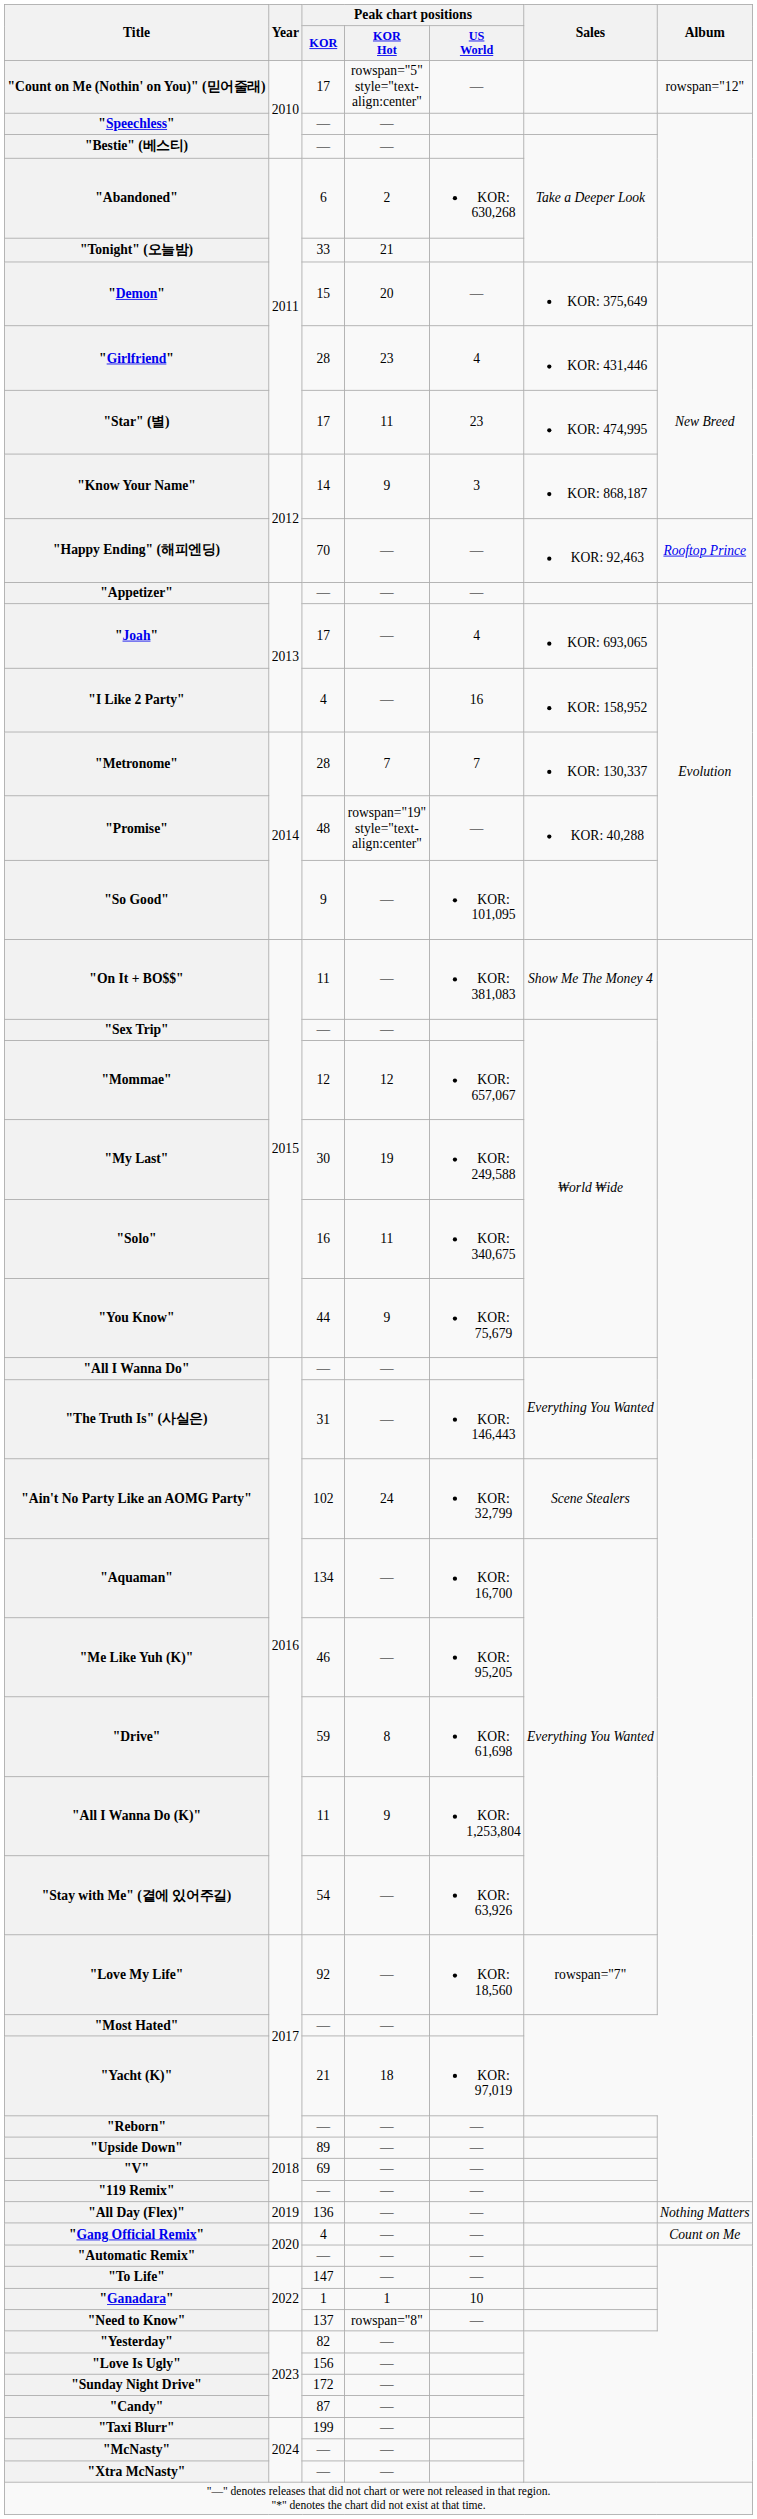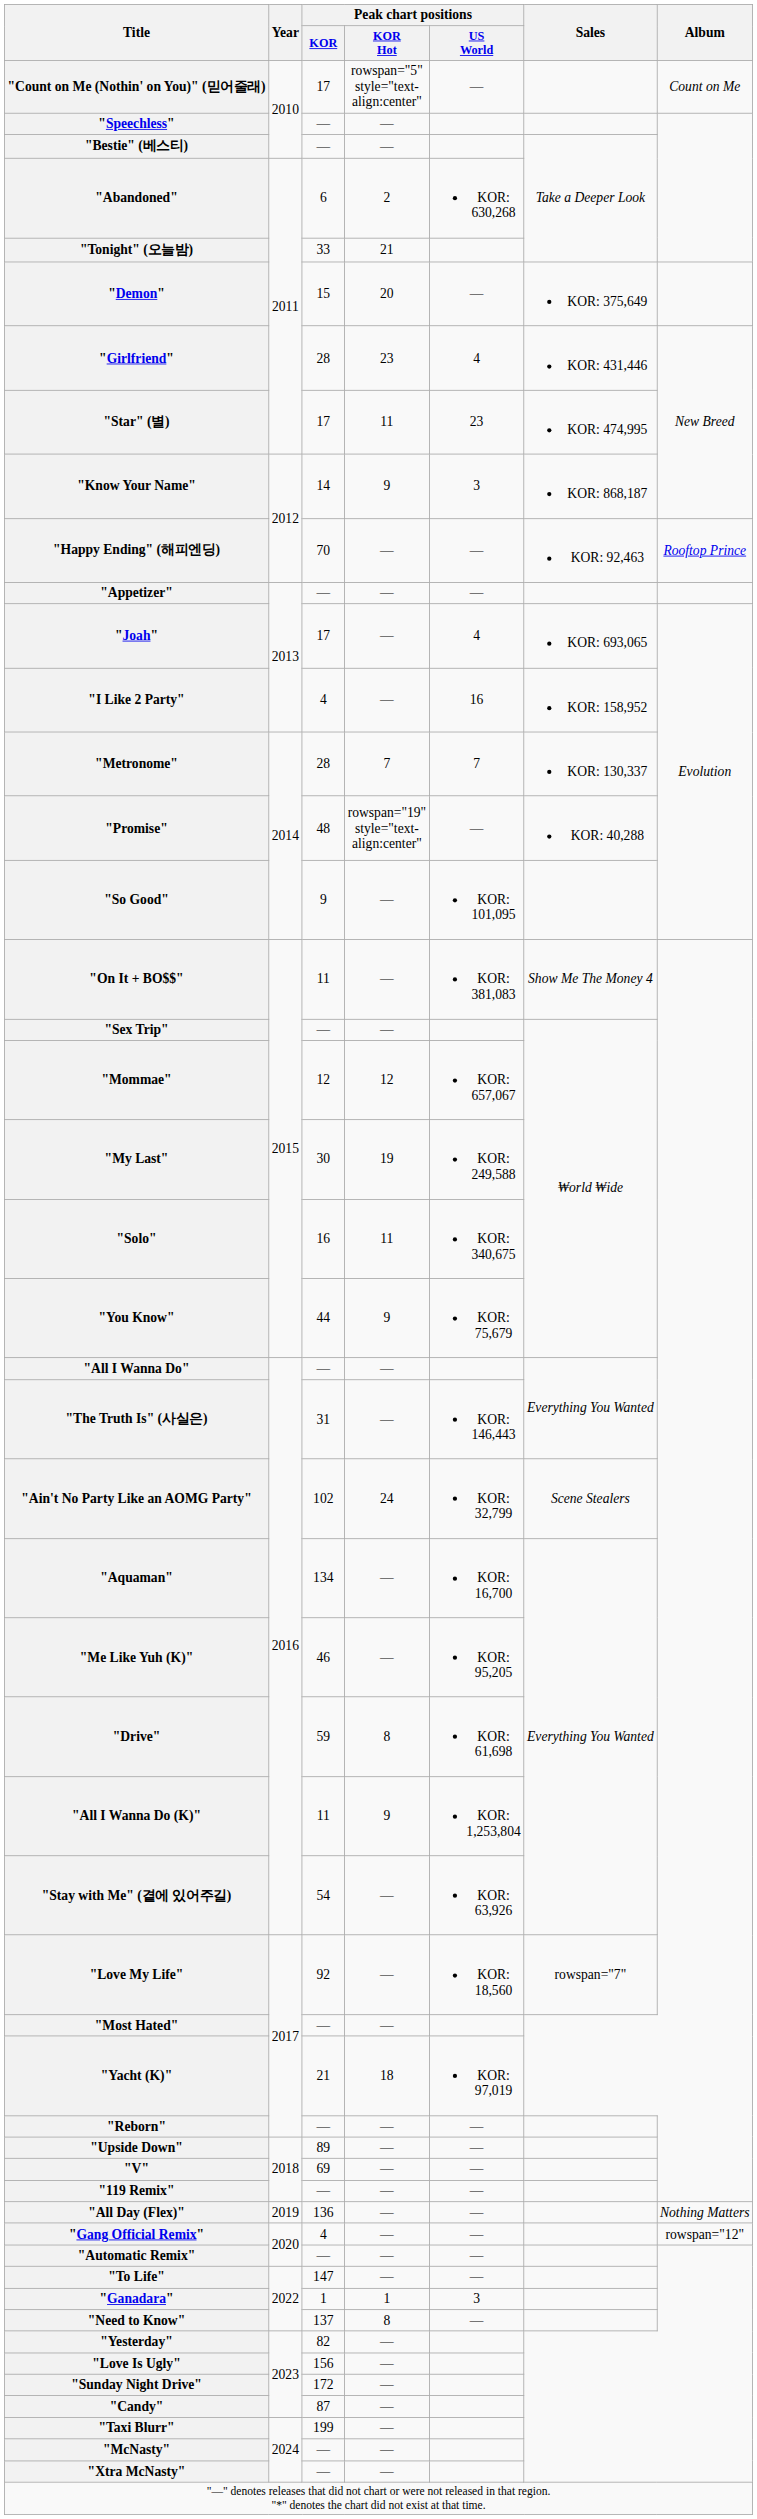 <table class="wikitable plainrowheaders" style="text-align:center">
 <tr>
 <th rowspan="2">Title</th>
 <th rowspan="2">Year</th>
 <th colspan="3">Peak chart positions</th>
 <th rowspan="2">Sales</th>
 <th rowspan="2">Album</th>
 </tr>
 <tr>
 <th scope="col" style="width:3em;font-size:90%"><a href='#'>KOR</a><br></th>
 <th scope="col" style="width:3em;font-size:90%"><a href='#'>KOR<br>Hot</a><br></th>
 <th scope="col" style="width:3em;font-size:90%"><a href='#'>US<br>World</a><br></th>
 </tr>
 <tr>
 <th scope="row">"Count on Me (Nothin' on You)" (믿어줄래) <br></th>
 <td rowspan="3">2010</td>
 <td>17</td>
 <td>rowspan="5" style="text-align:center" </td>
 <td>—</td>
 <td></td>
-<td>rowspan="12" </td>
+<td><em>Count on Me</em></td>
 </tr>
 <tr>
 <th scope="row">"<a href='#'>Speechless</a>" <br></th>
 <td>—</td>
 <td>—</td>
 <td></td>
 <td></td>
 </tr>
 <tr>
 <th scope="row">"Bestie" (베스티)</th>
 <td>—</td>
 <td>—</td>
 <td></td>
 <td rowspan="3"><em>Take a Deeper Look</em></td>
 </tr>
 <tr>
 <th scope="row">"Abandoned"<br></th>
 <td rowspan="5">2011</td>
 <td>6</td>
 <td>2</td>
 <td><br><ul><li>KOR: 630,268</li></ul></td>
 </tr>
 <tr>
 <th scope="row">"Tonight" (오늘밤) <br></th>
 <td>33</td>
 <td>21</td>
 <td></td>
 </tr>
 <tr>
 <th scope="row">"<a href='#'>Demon</a>"</th>
 <td>15</td>
 <td>20</td>
 <td>—</td>
 <td><br><ul><li>KOR: 375,649</li></ul></td>
 <td></td>
 </tr>
 <tr>
 <th scope="row">"<a href='#'>Girlfriend</a>"</th>
 <td>28</td>
 <td>23</td>
 <td>4</td>
 <td><br><ul><li>KOR: 431,446</li></ul></td>
 <td rowspan="3"><em>New Breed</em></td>
 </tr>
 <tr>
 <th scope="row">"Star" (별)</th>
 <td>17</td>
 <td>11</td>
 <td>23</td>
 <td><br><ul><li>KOR: 474,995</li></ul></td>
 </tr>
 <tr>
 <th scope="row">"Know Your Name"<br></th>
 <td rowspan="2">2012</td>
 <td>14</td>
 <td>9</td>
 <td>3</td>
 <td><br><ul><li>KOR: 868,187</li></ul></td>
 </tr>
 <tr>
 <th scope="row">"Happy Ending" (해피엔딩)</th>
 <td>70</td>
 <td>—</td>
 <td>—</td>
 <td><br><ul><li>KOR: 92,463</li></ul></td>
 <td><em><a href='#'>Rooftop Prince</a></em></td>
 </tr>
 <tr>
 <th scope="row">"Appetizer"</th>
 <td rowspan="3">2013</td>
 <td>—</td>
 <td>—</td>
 <td>—</td>
 <td></td>
 <td></td>
 </tr>
 <tr>
 <th scope="row">"<a href='#'>Joah</a>"</th>
 <td>17</td>
 <td>—</td>
 <td>4</td>
 <td><br><ul><li>KOR: 693,065</li></ul></td>
 <td rowspan="5"><em>Evolution</em></td>
 </tr>
 <tr>
 <th scope="row">"I Like 2 Party"</th>
 <td>4</td>
 <td>—</td>
 <td>16</td>
 <td><br><ul><li>KOR: 158,952</li></ul></td>
 </tr>
 <tr>
 <th scope="row">"Metronome"<br></th>
 <td rowspan="3">2014</td>
 <td>28</td>
 <td>7</td>
 <td>7</td>
 <td><br><ul><li>KOR: 130,337</li></ul></td>
 </tr>
 <tr>
 <th scope="row">"Promise"</th>
 <td>48</td>
 <td>rowspan="19" style="text-align:center" </td>
 <td>—</td>
 <td><br><ul><li>KOR: 40,288</li></ul></td>
 </tr>
 <tr>
 <th scope="row">"So Good"<br></th>
 <td>9</td>
 <td>—</td>
 <td><br><ul><li>KOR: 101,095</li></ul></td>
 </tr>
 <tr>
 <th scope="row">"On It + BO$$"<br></th>
 <td rowspan="6">2015</td>
 <td>11</td>
 <td>—</td>
 <td><br><ul><li>KOR: 381,083</li></ul></td>
 <td><em>Show Me The Money 4</em></td>
 </tr>
 <tr>
 <th scope="row">"Sex Trip"</th>
 <td>—</td>
 <td>—</td>
 <td></td>
 <td rowspan="5"><em>₩orld ₩ide</em></td>
 </tr>
 <tr>
 <th scope="row">"Mommae"<br></th>
 <td>12</td>
 <td>12</td>
 <td><br><ul><li>KOR: 657,067</li></ul></td>
 </tr>
 <tr>
 <th scope="row">"My Last"<br></th>
 <td>30</td>
 <td>19</td>
 <td><br><ul><li>KOR: 249,588</li></ul></td>
 </tr>
 <tr>
 <th scope="row">"Solo"<br></th>
 <td>16</td>
 <td>11</td>
 <td><br><ul><li>KOR: 340,675</li></ul></td>
 </tr>
 <tr>
 <th scope="row">"You Know"<br></th>
 <td>44</td>
 <td>9</td>
 <td><br><ul><li>KOR: 75,679</li></ul></td>
 </tr>
 <tr>
 <th scope="row">"All I Wanna Do"</th>
 <td rowspan="8">2016</td>
 <td>—</td>
 <td>—</td>
 <td></td>
 <td rowspan="2"><em>Everything You Wanted</em></td>
 </tr>
 <tr>
 <th scope="row">"The Truth Is" (사실은)</th>
 <td>31</td>
 <td>—</td>
 <td><br><ul><li>KOR: 146,443</li></ul></td>
 </tr>
 <tr>
 <th scope="row">"Ain't No Party Like an AOMG Party"<br></th>
 <td>102</td>
 <td>24</td>
 <td><br><ul><li>KOR: 32,799</li></ul></td>
 <td><em>Scene Stealers</em></td>
 </tr>
 <tr>
 <th scope="row">"Aquaman"</th>
 <td>134</td>
 <td>—</td>
 <td><br><ul><li>KOR: 16,700</li></ul></td>
 <td rowspan="5"><em>Everything You Wanted</em></td>
 </tr>
 <tr>
 <th scope="row">"Me Like Yuh (K)"<br></th>
 <td>46</td>
 <td>—</td>
 <td><br><ul><li>KOR: 95,205</li></ul></td>
 </tr>
 <tr>
 <th scope="row">"Drive"<br></th>
 <td>59</td>
 <td>8</td>
 <td><br><ul><li>KOR: 61,698</li></ul></td>
 </tr>
 <tr>
 <th scope="row">"All I Wanna Do (K)"<br></th>
 <td>11</td>
 <td>9</td>
 <td><br><ul><li>KOR: 1,253,804</li></ul></td>
 </tr>
 <tr>
 <th scope="row">"Stay with Me" (곁에 있어주길)</th>
 <td>54</td>
 <td>—</td>
 <td><br><ul><li>KOR: 63,926</li></ul></td>
 </tr>
 <tr>
 <th scope="row">"Love My Life"<br></th>
 <td rowspan="4">2017</td>
 <td>92</td>
 <td>—</td>
 <td><br><ul><li>KOR: 18,560</li></ul></td>
 <td>rowspan="7" </td>
 </tr>
 <tr>
 <th scope="row">"Most Hated"<br></th>
 <td>—</td>
 <td>—</td>
 <td></td>
 </tr>
 <tr>
 <th scope="row">"Yacht (K)"<br></th>
 <td>21</td>
 <td>18</td>
 <td><br><ul><li>KOR: 97,019</li></ul></td>
 </tr>
 <tr>
 <th scope="row">"Reborn"<br></th>
 <td>—</td>
 <td>—</td>
 <td>—</td>
 <td></td>
 </tr>
 <tr>
 <th scope="row">"Upside Down"<br></th>
 <td rowspan="3">2018</td>
 <td>89</td>
 <td>—</td>
 <td>—</td>
 <td></td>
 </tr>
 <tr>
 <th scope="row">"V"</th>
 <td>69</td>
 <td>—</td>
 <td>—</td>
 <td></td>
 </tr>
 <tr>
 <th scope="row">"119 Remix"</th>
 <td>—</td>
 <td>—</td>
 <td>—</td>
 <td></td>
 </tr>
 <tr>
 <th scope="row">"All Day (Flex)"<br></th>
 <td>2019</td>
 <td>136</td>
 <td>—</td>
 <td>—</td>
 <td></td>
 <td><em>Nothing Matters</em></td>
 </tr>
 <tr>
 <th scope="row">"<a href='#'>Gang Official Remix</a>"<br></th>
 <td rowspan="2">2020</td>
 <td>4</td>
 <td>—</td>
 <td>—</td>
 <td></td>
-<td><em>Count on Me</em></td>
+<td>rowspan="12" </td>
 </tr>
 <tr>
 <th scope="row">"Automatic Remix"</th>
 <td>—</td>
 <td>—</td>
 <td>—</td>
 <td></td>
 </tr>
 <tr>
 <th scope="row">"To Life"</th>
 <td rowspan="3">2022</td>
 <td>147</td>
 <td>—</td>
 <td>—</td>
 <td></td>
 </tr>
 <tr>
 <th scope="row">"<a href='#'>Ganadara</a>"<br></th>
 <td>1</td>
 <td>1</td>
-<td>10</td>
+<td>3</td>
 <td></td>
 </tr>
 <tr>
 <th scope="row">"Need to Know"</th>
 <td>137</td>
-<td>rowspan="8" </td>
+<td>8</td>
 <td>—</td>
 <td></td>
 </tr>
 <tr>
 <th scope="row">"Yesterday"</th>
 <td rowspan="4">2023</td>
 <td>82</td>
 <td>—</td>
 <td></td>
 </tr>
 <tr>
 <th scope="row">"Love Is Ugly"<br></th>
 <td>156</td>
 <td>—</td>
 <td></td>
 </tr>
 <tr>
 <th scope="row">"Sunday Night Drive"</th>
 <td>172</td>
 <td>—</td>
 <td></td>
 </tr>
 <tr>
 <th scope="row">"Candy"<br></th>
 <td>87</td>
 <td>—</td>
 <td></td>
 </tr>
 <tr>
 <th scope="row">"Taxi Blurr"<br></th>
 <td rowspan="3">2024</td>
 <td>199</td>
 <td>—</td>
 <td></td>
 </tr>
 <tr>
 <th scope="row">"McNasty"</th>
 <td>—</td>
 <td>—</td>
 <td></td>
 </tr>
 <tr>
 <th scope="row">"Xtra McNasty"<br></th>
 <td>—</td>
 <td>—</td>
 <td></td>
 </tr>
 <tr>
 <td colspan="7" style="font-size:85%">"—" denotes releases that did not chart or were not released in that region.<br> "*" denotes the chart did not exist at that time.<br></td>
 </tr>
 </table>
